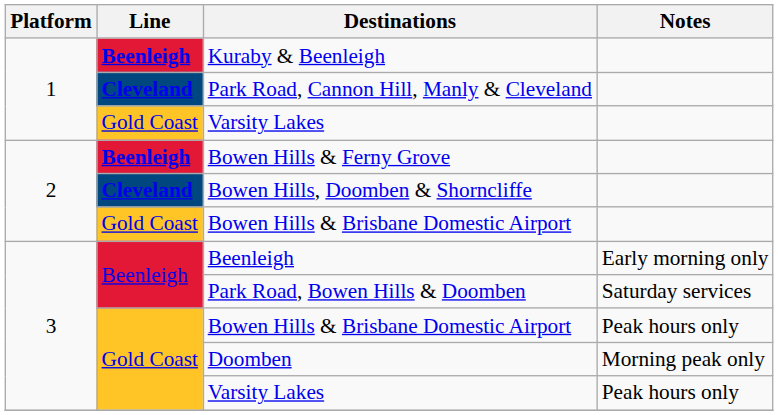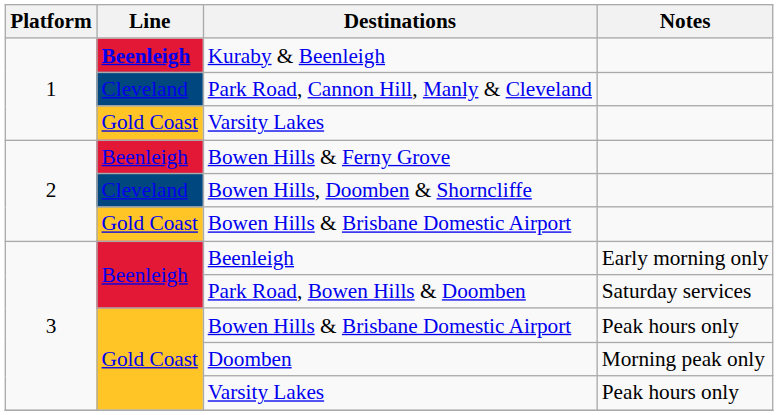 <table class="wikitable" style="float: none; margin: 0.5em; ">
 <tr>
 <th>Platform</th>
 <th>Line</th>
 <th>Destinations</th>
 <th>Notes</th>
 </tr>
 <tr>
 <td rowspan="3" style="text-align:center;">1</td>
 <td style="background:#E31836"><strong><a href='#'><span>Beenleigh</span></a></strong></td>
 <td><a href='#'>Kuraby</a> & <a href='#'>Beenleigh</a></td>
 <td></td>
 </tr>
 <tr>
-<td style="background:#00467f"><strong><a href='#'><span>Cleveland</span></a></strong></td>
+<td style="background:#00467f"><a href='#'><span>Cleveland</span></a></td>
 <td><a href='#'>Park Road</a>, <a href='#'>Cannon Hill</a>, <a href='#'>Manly</a> & <a href='#'>Cleveland</a></td>
 <td></td>
 </tr>
 <tr>
 <td style="background:#FFC425"><a href='#'><span>Gold Coast</span></a></td>
 <td><a href='#'>Varsity Lakes</a></td>
 <td></td>
 </tr>
 <tr>
 <td rowspan="3" style="text-align:center;">2</td>
-<td style="background:#E31836"><strong><a href='#'><span>Beenleigh</span></a></strong></td>
+<td style="background:#E31836"><a href='#'><span>Beenleigh</span></a></td>
 <td><a href='#'>Bowen Hills</a> & <a href='#'>Ferny Grove</a></td>
 <td></td>
 </tr>
 <tr>
-<td style=background:#00467f><strong><a href='#'><span>Cleveland</span></a></strong></td>
+<td style=background:#00467f><a href='#'><span>Cleveland</span></a></td>
 <td><a href='#'>Bowen Hills</a>, <a href='#'>Doomben</a> & <a href='#'>Shorncliffe</a></td>
 <td></td>
 </tr>
 <tr>
 <td style=background:#FFC425><a href='#'><span>Gold Coast</span></a></td>
 <td><a href='#'>Bowen Hills</a> & <a href='#'>Brisbane Domestic Airport</a></td>
 <td></td>
 </tr>
 <tr>
 <td rowspan="5" style="text-align:center;">3</td>
 <td rowspan="2" style="background:#E31836"><a href='#'><span>Beenleigh</span></a></td>
 <td><a href='#'>Beenleigh</a></td>
 <td>Early morning only</td>
 </tr>
 <tr>
 <td><a href='#'>Park Road</a>, <a href='#'>Bowen Hills</a> & <a href='#'>Doomben</a></td>
 <td>Saturday services</td>
 </tr>
 <tr>
 <td rowspan="3" style="background:#FFC425"><a href='#'><span>Gold Coast</span></a></td>
 <td><a href='#'>Bowen Hills</a> & <a href='#'>Brisbane Domestic Airport</a></td>
 <td>Peak hours only</td>
 </tr>
 <tr>
 <td><a href='#'>Doomben</a></td>
 <td>Morning peak only</td>
 </tr>
 <tr>
 <td><a href='#'>Varsity Lakes</a></td>
 <td>Peak hours only</td>
 </tr>
 <tr>
 </tr>
 </table>
